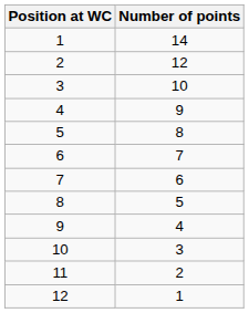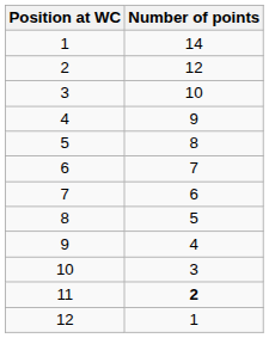 <table class="wikitable" style="text-align:center">
 <tr>
 <th>Position at WC</th>
 <th>Number of points</th>
 </tr>
 <tr>
 <td>1</td>
 <td>14</td>
 </tr>
 <tr>
 <td>2</td>
 <td>12</td>
 </tr>
 <tr>
 <td>3</td>
 <td>10</td>
 </tr>
 <tr>
 <td>4</td>
 <td>9</td>
 </tr>
 <tr>
 <td>5</td>
 <td>8</td>
 </tr>
 <tr>
 <td>6</td>
 <td>7</td>
 </tr>
 <tr>
 <td>7</td>
 <td>6</td>
 </tr>
 <tr>
 <td>8</td>
 <td>5</td>
 </tr>
 <tr>
 <td>9</td>
 <td>4</td>
 </tr>
 <tr>
 <td>10</td>
 <td>3</td>
 </tr>
 <tr>
 <td>11</td>
-<td>2</td>
+<td><strong>2</strong></td>
 </tr>
 <tr>
 <td>12</td>
 <td>1</td>
 </tr>
 </table>
